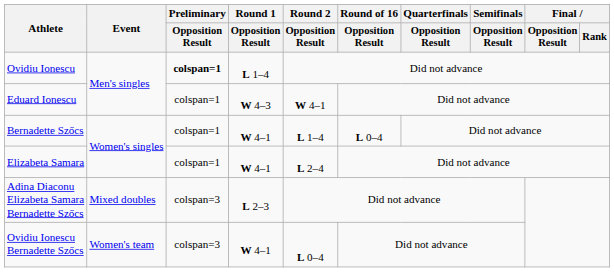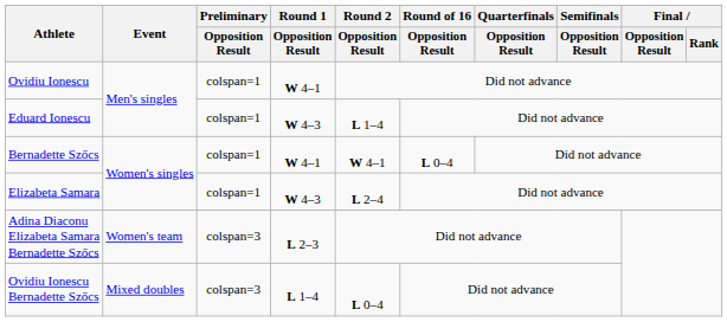 <table class=wikitable style=font-size:90%;text-align:center>
 <tr>
 <th rowspan=2>Athlete</th>
 <th rowspan=2>Event</th>
 <th>Preliminary</th>
 <th>Round 1</th>
 <th>Round 2</th>
 <th>Round of 16</th>
 <th>Quarterfinals</th>
 <th>Semifinals</th>
 <th colspan=2>Final / </th>
 </tr>
 <tr style=font-size:95%>
 <th>Opposition<br>Result</th>
 <th>Opposition<br>Result</th>
 <th>Opposition<br>Result</th>
 <th>Opposition<br>Result</th>
 <th>Opposition<br>Result</th>
 <th>Opposition<br>Result</th>
 <th>Opposition<br>Result</th>
 <th>Rank</th>
 </tr>
 <tr>
 <td align=left><a href='#'>Ovidiu Ionescu</a></td>
 <td align=left rowspan=2><a href='#'>Men's singles</a></td>
-<td><strong>colspan=1 </strong></td>
-<td> <br> <strong>L</strong> 1–4</td>
+<td>colspan=1 </td>
+<td> <br> <strong>W</strong> 4–1</td>
 <td colspan=6>Did not advance</td>
 </tr>
 <tr align=center>
 <td align=left><a href='#'>Eduard Ionescu</a></td>
 <td>colspan=1 </td>
 <td> <br> <strong>W</strong> 4–3</td>
-<td> <br> <strong>W</strong> 4–1</td>
+<td> <br> <strong>L</strong> 1–4</td>
 <td colspan=5>Did not advance</td>
 </tr>
 <tr align=center>
 <td align=left><a href='#'>Bernadette Szőcs</a></td>
 <td align=left rowspan=2><a href='#'>Women's singles</a></td>
 <td>colspan=1 </td>
 <td> <br> <strong>W</strong> 4–1</td>
-<td> <br> <strong>L</strong> 1–4</td>
+<td> <br> <strong>W</strong> 4–1</td>
 <td> <br> <strong>L</strong> 0–4</td>
 <td colspan=4>Did not advance</td>
 </tr>
 <tr align=center>
 <td align=left><a href='#'>Elizabeta Samara</a></td>
 <td>colspan=1 </td>
-<td> <br> <strong>W</strong> 4–1</td>
+<td> <br> <strong>W</strong> 4–3</td>
 <td> <br> <strong>L</strong> 2–4</td>
 <td colspan=5>Did not advance</td>
 </tr>
 <tr>
 <td align=left><a href='#'>Adina Diaconu</a><br><a href='#'>Elizabeta Samara</a><br><a href='#'>Bernadette Szőcs</a></td>
-<td align=left><a href='#'>Mixed doubles</a></td>
+<td align=left><a href='#'>Women's team</a></td>
 <td>colspan=3 </td>
 <td><br><strong>L</strong> 2–3</td>
 <td colspan="4">Did not advance</td>
 </tr>
 <tr align=center>
 <td align=left><a href='#'>Ovidiu Ionescu</a><br><a href='#'>Bernadette Szőcs</a></td>
-<td align=left><a href='#'>Women's team</a></td>
+<td align=left><a href='#'>Mixed doubles</a></td>
 <td>colspan=3 </td>
-<td> <br> <strong>W</strong> 4–1</td>
+<td> <br> <strong>L</strong> 1–4</td>
 <td><br> <br> <strong>L</strong> 0–4</td>
 <td colspan=3>Did not advance</td>
 </tr>
 </table>
